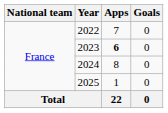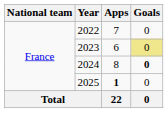 <table class="wikitable" style="text-align: center;">
 <tr>
 <th>National team</th>
 <th>Year</th>
 <th>Apps</th>
 <th>Goals</th>
 </tr>
 <tr>
 <td rowspan="4"><a href='#'>France</a></td>
 <td>2022</td>
 <td>7</td>
 <td>0</td>
 </tr>
 <tr>
 <td>2023</td>
-<td><strong>6</strong></td>
-<td>0</td>
+<td>6</td>
+<td style="background: khaki;">0</td>
 </tr>
 <tr>
 <td>2024</td>
 <td>8</td>
-<td>0</td>
+<td><strong>0</strong></td>
 </tr>
 <tr>
 <td>2025</td>
-<td>1</td>
+<td><strong>1</strong></td>
 <td>0</td>
 </tr>
 <tr>
 <th colspan="2">Total</th>
 <th>22</th>
 <th>0</th>
 </tr>
 </table>
